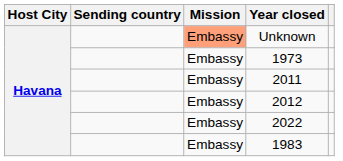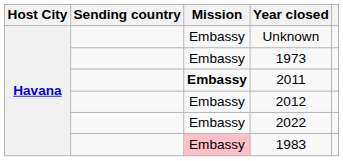 <table class="wikitable plainrowheaders">
 <tr>
 <th scope="col">Host City</th>
 <th scope="col">Sending country</th>
 <th scope="col">Mission</th>
 <th scope="col">Year closed</th>
 <th scope="col"></th>
 </tr>
 <tr>
 <th rowspan="6"><a href='#'>Havana</a></th>
 <td></td>
-<td style="background: lightsalmon; text-align:center;">Embassy</td>
+<td style="text-align:center;">Embassy</td>
 <td style="text-align:center;">Unknown</td>
 <td style="text-align:center;"></td>
 </tr>
 <tr>
 <td></td>
 <td style="text-align:center;">Embassy</td>
 <td style="text-align:center;">1973</td>
 <td style="text-align:center;"></td>
 </tr>
 <tr>
 <td></td>
-<td style="text-align:center;">Embassy</td>
+<td style="text-align:center;"><strong>Embassy</strong></td>
 <td style="text-align:center;">2011</td>
 <td style="text-align:center;"></td>
 </tr>
 <tr>
 <td></td>
 <td style="text-align:center;">Embassy</td>
 <td style="text-align:center;">2012</td>
 <td style="text-align:center;"></td>
 </tr>
 <tr>
 <td></td>
 <td style="text-align:center;">Embassy</td>
 <td style="text-align:center;">2022</td>
 <td style="text-align:center;"></td>
 </tr>
 <tr>
 <td></td>
-<td style="text-align:center;">Embassy</td>
+<td style="background: pink; text-align:center;">Embassy</td>
 <td style="text-align:center;">1983</td>
 <td style="text-align:center;"></td>
 </tr>
 </table>
